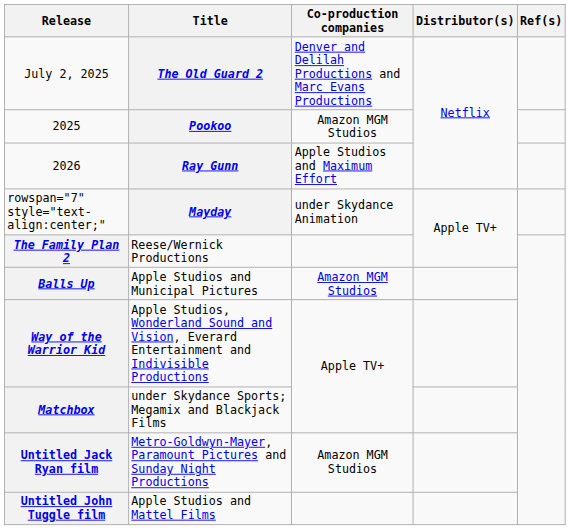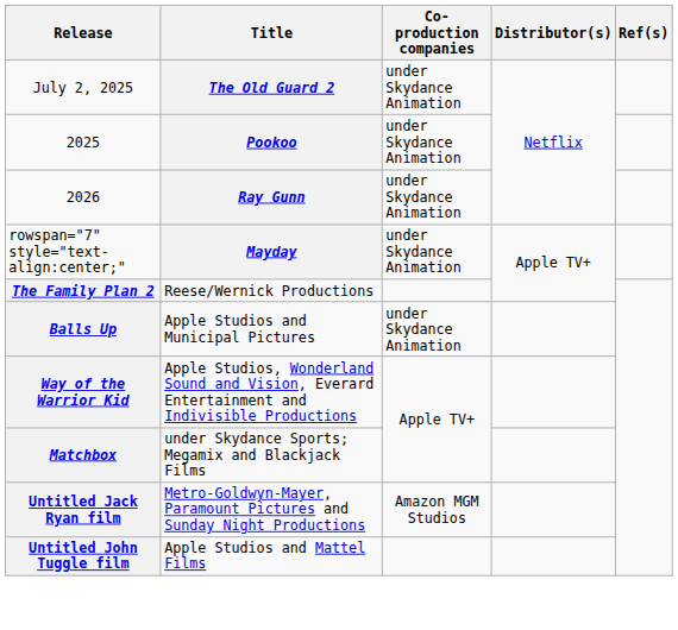 <table class="wikitable plainrowheaders" style="width:100%;">
 <tr>
 <th>Release</th>
 <th>Title</th>
 <th>Co-production companies</th>
 <th>Distributor(s)</th>
 <th>Ref(s)</th>
 </tr>
 <tr>
 <td style="text-align:center;">July 2, 2025</td>
 <th scope="row"><em><a href='#'>The Old Guard 2</a></em></th>
-<td><a href='#'>Denver and Delilah Productions</a> and <a href='#'>Marc Evans Productions</a></td>
+<td>under Skydance Animation</td>
 <td rowspan="3" style="text-align:center;"><a href='#'>Netflix</a></td>
 <td></td>
 </tr>
 <tr>
 <td style="text-align:center;">2025</td>
 <th scope="row"><em><a href='#'>Pookoo</a></em></th>
-<td style="text-align:center;">Amazon MGM Studios</td>
+<td>under Skydance Animation</td>
 <td></td>
 </tr>
 <tr>
 <td style="text-align:center;">2026</td>
 <th scope="row"><em><a href='#'>Ray Gunn</a></em></th>
-<td>Apple Studios and <a href='#'>Maximum Effort</a></td>
+<td>under Skydance Animation</td>
 <td></td>
 </tr>
 <tr>
 <td>rowspan="7" style="text-align:center;" </td>
 <th scope="row"><em><a href='#'>Mayday</a></em></th>
 <td>under Skydance Animation</td>
 <td rowspan="2" style="text-align:center;">Apple TV+</td>
 <td></td>
 </tr>
 <tr>
 <th scope="row"><em><a href='#'>The Family Plan 2</a></em></th>
 <td>Reese/Wernick Productions</td>
 <td></td>
 </tr>
 <tr>
 <th scope="row"><em><a href='#'>Balls Up</a></em></th>
 <td>Apple Studios and Municipal Pictures</td>
-<td style="text-align:center;"><a href='#'>Amazon MGM Studios</a></td>
+<td>under Skydance Animation</td>
 <td></td>
 </tr>
 <tr>
 <th scope="row"><em><a href='#'>Way of the Warrior Kid</a></em></th>
 <td>Apple Studios, <a href='#'>Wonderland Sound and Vision</a>, Everard Entertainment and <a href='#'>Indivisible Productions</a></td>
 <td rowspan="2" style="text-align:center;">Apple TV+</td>
 <td></td>
 </tr>
 <tr>
 <th scope="row"><em><a href='#'>Matchbox</a></em></th>
 <td>under Skydance Sports; Megamix and Blackjack Films</td>
 <td></td>
 </tr>
 <tr>
 <th scope="row"><a href='#'>Untitled Jack Ryan film</a></th>
 <td><a href='#'>Metro-Goldwyn-Mayer</a>, <a href='#'>Paramount Pictures</a> and <a href='#'>Sunday Night Productions</a></td>
 <td style="text-align:center;">Amazon MGM Studios</td>
 <td></td>
 </tr>
 <tr>
 <th scope="row"><a href='#'>Untitled John Tuggle film</a></th>
 <td>Apple Studios and <a href='#'>Mattel Films</a></td>
 <td></td>
 <td></td>
 </tr>
 </table>
